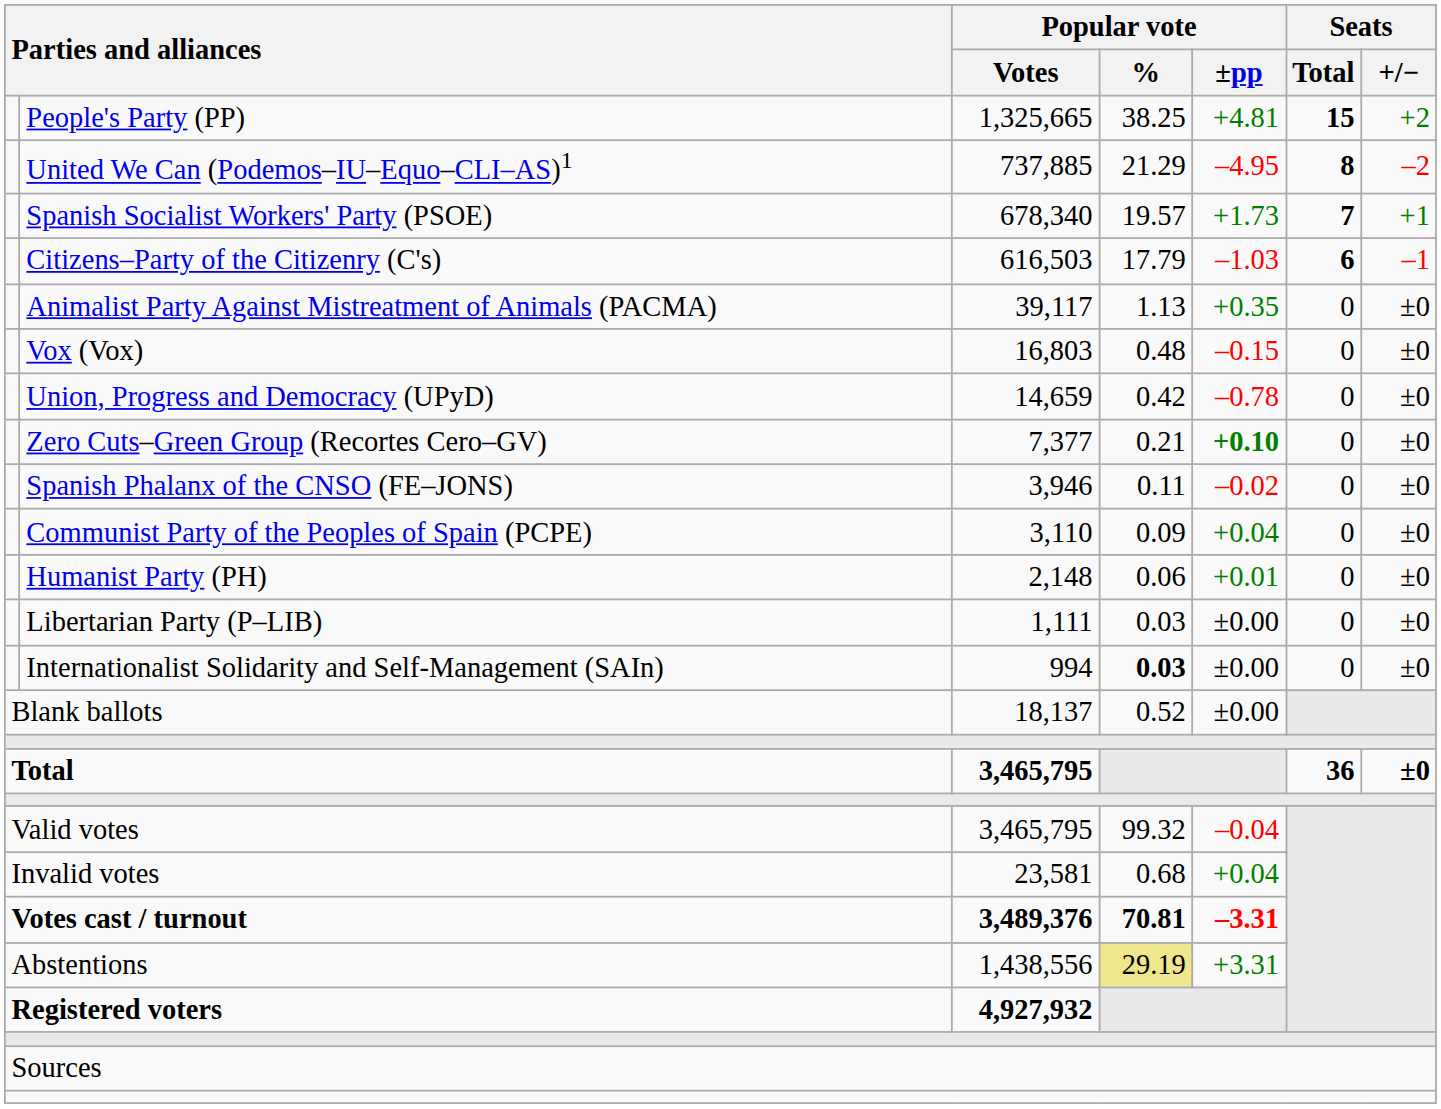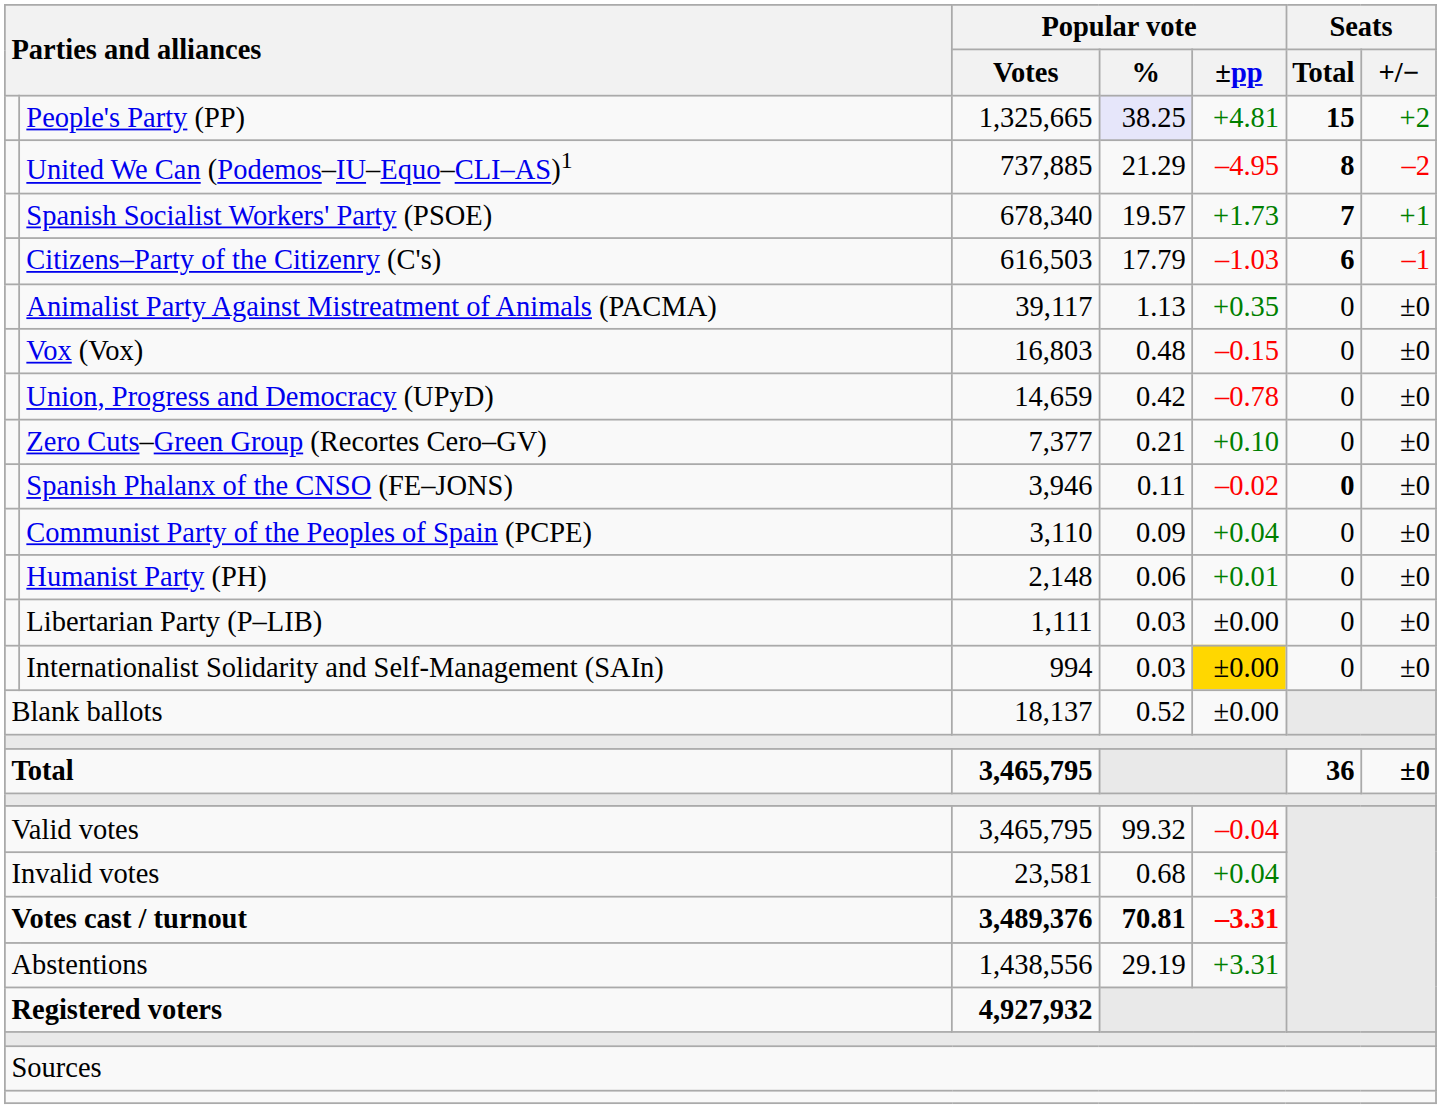 <table class="wikitable" style="text-align:right;">
 <tr>
 <th style="text-align:left;" rowspan="2" colspan="2" width="525">Parties and alliances</th>
 <th colspan="3">Popular vote</th>
 <th colspan="2">Seats</th>
 </tr>
 <tr>
 <th width="75">Votes</th>
 <th width="45">%</th>
 <th width="45">±<a href='#'>pp</a></th>
 <th width="35">Total</th>
 <th width="35">+/−</th>
 </tr>
 <tr>
 <td width="1" style="color:inherit;background:"></td>
 <td align="left"><a href='#'>People's Party</a> (PP)</td>
 <td>1,325,665</td>
-<td>38.25</td>
+<td style="background: lavender;">38.25</td>
 <td style="color:green;">+4.81</td>
 <td><strong>15</strong></td>
 <td style="color:green;">+2</td>
 </tr>
 <tr>
 <td style="color:inherit;background:"></td>
 <td align="left"><a href='#'>United We Can</a> (<a href='#'>Podemos</a>–<a href='#'>IU</a>–<a href='#'>Equo</a>–<a href='#'>CLI–AS</a>)<sup>1</sup></td>
 <td>737,885</td>
 <td>21.29</td>
 <td style="color:red;">–4.95</td>
 <td><strong>8</strong></td>
 <td style="color:red;">–2</td>
 </tr>
 <tr>
 <td style="color:inherit;background:"></td>
 <td align="left"><a href='#'>Spanish Socialist Workers' Party</a> (PSOE)</td>
 <td>678,340</td>
 <td>19.57</td>
 <td style="color:green;">+1.73</td>
 <td><strong>7</strong></td>
 <td style="color:green;">+1</td>
 </tr>
 <tr>
 <td style="color:inherit;background:"></td>
 <td align="left"><a href='#'>Citizens–Party of the Citizenry</a> (C's)</td>
 <td>616,503</td>
 <td>17.79</td>
 <td style="color:red;">–1.03</td>
 <td><strong>6</strong></td>
 <td style="color:red;">–1</td>
 </tr>
 <tr>
 <td style="color:inherit;background:"></td>
 <td align="left"><a href='#'>Animalist Party Against Mistreatment of Animals</a> (PACMA)</td>
 <td>39,117</td>
 <td>1.13</td>
 <td style="color:green;">+0.35</td>
 <td>0</td>
 <td>±0</td>
 </tr>
 <tr>
 <td style="color:inherit;background:"></td>
 <td align="left"><a href='#'>Vox</a> (Vox)</td>
 <td>16,803</td>
 <td>0.48</td>
 <td style="color:red;">–0.15</td>
 <td>0</td>
 <td>±0</td>
 </tr>
 <tr>
 <td style="color:inherit;background:"></td>
 <td align="left"><a href='#'>Union, Progress and Democracy</a> (UPyD)</td>
 <td>14,659</td>
 <td>0.42</td>
 <td style="color:red;">–0.78</td>
 <td>0</td>
 <td>±0</td>
 </tr>
 <tr>
 <td style="color:inherit;background:"></td>
 <td align="left"><a href='#'>Zero Cuts</a>–<a href='#'>Green Group</a> (Recortes Cero–GV)</td>
 <td>7,377</td>
 <td>0.21</td>
-<td style="color:green;"><strong>+0.10</strong></td>
+<td style="color:green;">+0.10</td>
 <td>0</td>
 <td>±0</td>
 </tr>
 <tr>
 <td style="color:inherit;background:"></td>
 <td align="left"><a href='#'>Spanish Phalanx of the CNSO</a> (FE–JONS)</td>
 <td>3,946</td>
 <td>0.11</td>
 <td style="color:red;">–0.02</td>
-<td>0</td>
+<td><strong>0</strong></td>
 <td>±0</td>
 </tr>
 <tr>
 <td style="color:inherit;background:"></td>
 <td align="left"><a href='#'>Communist Party of the Peoples of Spain</a> (PCPE)</td>
 <td>3,110</td>
 <td>0.09</td>
 <td style="color:green;">+0.04</td>
 <td>0</td>
 <td>±0</td>
 </tr>
 <tr>
 <td style="color:inherit;background:"></td>
 <td align="left"><a href='#'>Humanist Party</a> (PH)</td>
 <td>2,148</td>
 <td>0.06</td>
 <td style="color:green;">+0.01</td>
 <td>0</td>
 <td>±0</td>
 </tr>
 <tr>
 <td style="color:inherit;background:"></td>
 <td align="left">Libertarian Party (P–LIB)</td>
 <td>1,111</td>
 <td>0.03</td>
 <td>±0.00</td>
 <td>0</td>
 <td>±0</td>
 </tr>
 <tr>
 <td style="color:inherit;background:"></td>
 <td align="left">Internationalist Solidarity and Self-Management (SAIn)</td>
 <td>994</td>
-<td><strong>0.03</strong></td>
-<td>±0.00</td>
+<td>0.03</td>
+<td style="background: gold;">±0.00</td>
 <td>0</td>
 <td>±0</td>
 </tr>
 <tr>
 <td align="left" colspan="2">Blank ballots</td>
 <td>18,137</td>
 <td>0.52</td>
 <td>±0.00</td>
 <td bgcolor="#E9E9E9" colspan="2"></td>
 </tr>
 <tr>
 <td colspan="7" bgcolor="#E9E9E9"></td>
 </tr>
 <tr style="font-weight:bold;">
 <td align="left" colspan="2">Total</td>
 <td>3,465,795</td>
 <td bgcolor="#E9E9E9" colspan="2"></td>
 <td>36</td>
 <td>±0</td>
 </tr>
 <tr>
 <td colspan="7" bgcolor="#E9E9E9"></td>
 </tr>
 <tr>
 <td align="left" colspan="2">Valid votes</td>
 <td>3,465,795</td>
 <td>99.32</td>
 <td style="color:red;">–0.04</td>
 <td bgcolor="#E9E9E9" colspan="2" rowspan="5"></td>
 </tr>
 <tr>
 <td align="left" colspan="2">Invalid votes</td>
 <td>23,581</td>
 <td>0.68</td>
 <td style="color:green;">+0.04</td>
 </tr>
 <tr style="font-weight:bold;">
 <td align="left" colspan="2">Votes cast / turnout</td>
 <td>3,489,376</td>
 <td>70.81</td>
 <td style="color:red;">–3.31</td>
 </tr>
 <tr>
 <td align="left" colspan="2">Abstentions</td>
 <td>1,438,556</td>
-<td style="background: khaki;">29.19</td>
+<td>29.19</td>
 <td style="color:green;">+3.31</td>
 </tr>
 <tr style="font-weight:bold;">
 <td align="left" colspan="2">Registered voters</td>
 <td>4,927,932</td>
 <td bgcolor="#E9E9E9" colspan="2"></td>
 </tr>
 <tr>
 <td colspan="7" bgcolor="#E9E9E9"></td>
 </tr>
 <tr>
 <td align="left" colspan="7">Sources</td>
 </tr>
 <tr>
 <td colspan="7" style="text-align:left; max-width:790px;"></td>
 </tr>
 </table>
